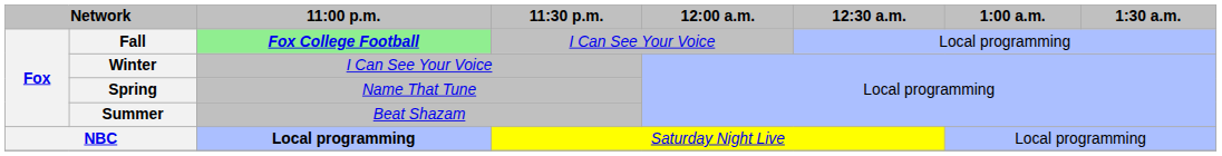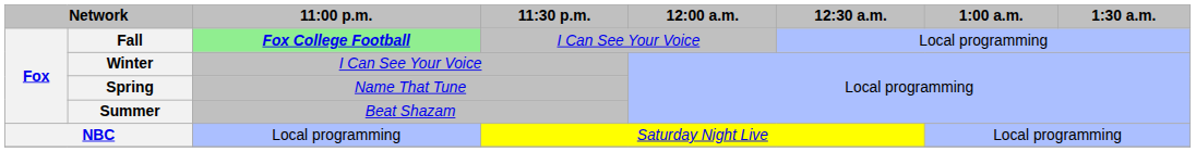 <table class="wikitable sortable" style="width:100%;margin-right:0;text-align:center">
 <tr>
 <th Colspan="2" style="background-color:#C0C0C0;text-align:center">Network</th>
 <th style="background-color:#C0C0C0;text-align:center">11:00 p.m.</th>
 <th style="background-color:#C0C0C0;text-align:center">11:30 p.m.</th>
 <th style="background-color:#C0C0C0;text-align:center">12:00 a.m.</th>
 <th style="background-color:#C0C0C0;text-align:center">12:30 a.m.</th>
 <th style="background-color:#C0C0C0;text-align:center">1:00 a.m.</th>
 <th style="background-color:#C0C0C0;text-align:center">1:30 a.m.</th>
 </tr>
 <tr>
 <th rowspan="4"><a href='#'>Fox</a></th>
 <th>Fall</th>
 <td style="background:lightgreen"><strong><em><a href='#'>Fox College Football</a></em></strong></td>
 <td colspan="2" bgcolor="#C0C0C0"><em><a href='#'>I Can See Your Voice</a></em> </td>
 <td colspan="3" rowspan="1" style="background:#abbfff">Local programming</td>
 </tr>
 <tr>
 <th>Winter</th>
 <td colspan="2" bgcolor="#C0C0C0"><em><a href='#'>I Can See Your Voice</a></em> </td>
 <td colspan="4" rowspan="3" style="background:#abbfff">Local programming</td>
 </tr>
 <tr>
 <th>Spring</th>
 <td colspan="2" bgcolor="#C0C0C0"><em><a href='#'>Name That Tune</a></em> </td>
 </tr>
 <tr>
 <th>Summer</th>
 <td colspan="2" bgcolor="#C0C0C0"><em><a href='#'>Beat Shazam</a></em>  </td>
 </tr>
 <tr>
 <th colspan="2"><a href='#'>NBC</a></th>
-<td style="background:#abbfff"><strong>Local programming</strong></td>
+<td style="background:#abbfff">Local programming</td>
 <td colspan="3" style="background:yellow"><em><a href='#'>Saturday Night Live</a></em></td>
 <td colspan="2" style="background:#abbfff">Local programming </td>
 </tr>
 <tr>
 </tr>
 </table>
